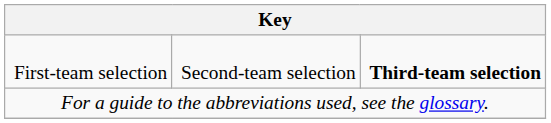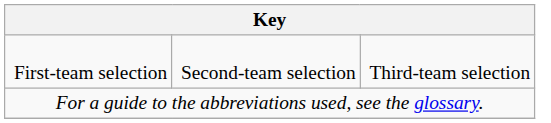 <table class="wikitable">
 <tr>
 <th colspan=3>Key</th>
 </tr>
 <tr>
 <td><br>  First-team selection<br></td>
 <td><br>  Second-team selection<br></td>
-<td><strong><br>  Third-team selection<br></strong></td>
+<td><br>  Third-team selection<br></td>
 </tr>
 <tr>
 <td colspan=3 align=center><em>For a guide to the abbreviations used, see the <a href='#'>glossary</a>.</em></td>
 </tr>
 <tr>
 </tr>
 </table>
